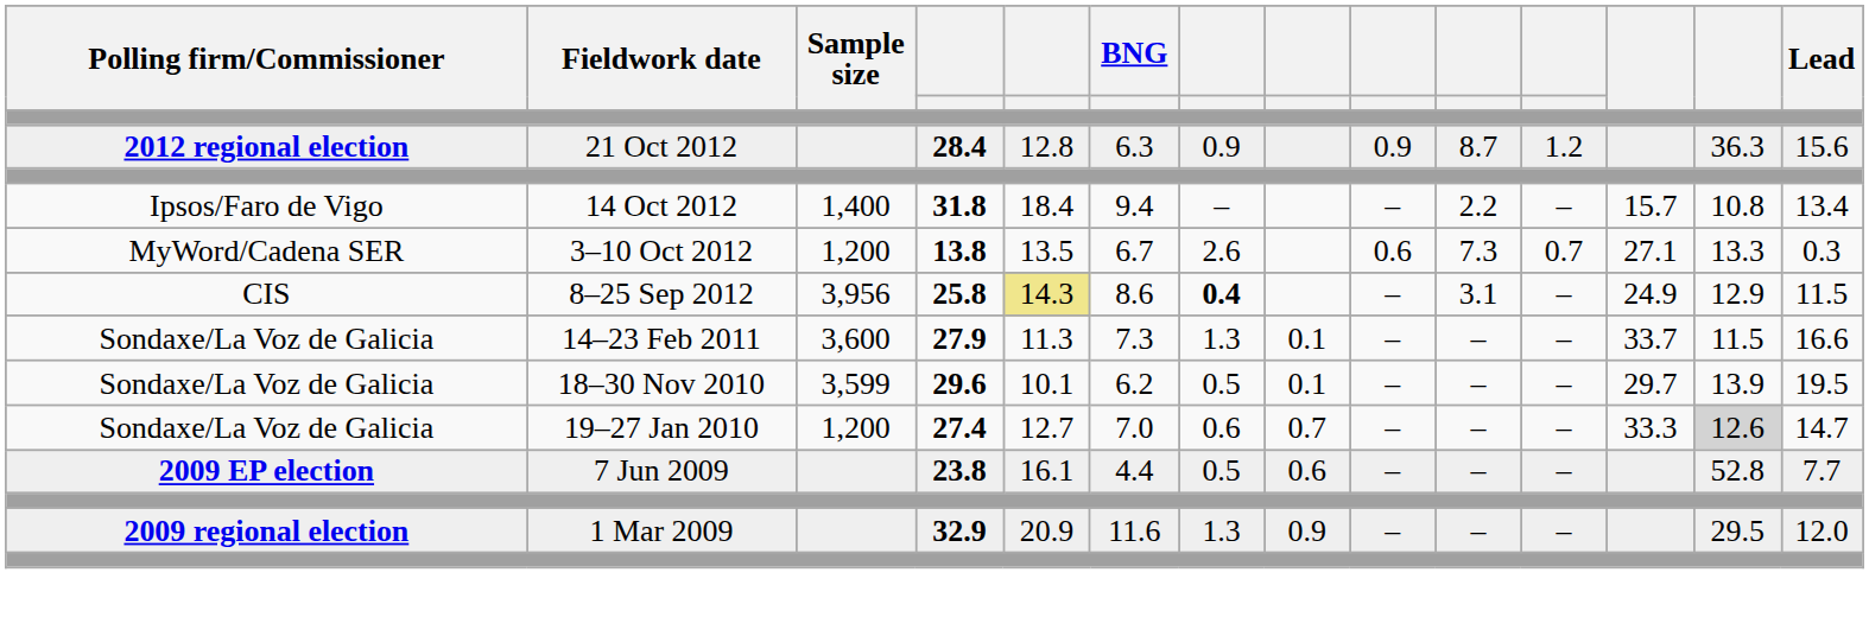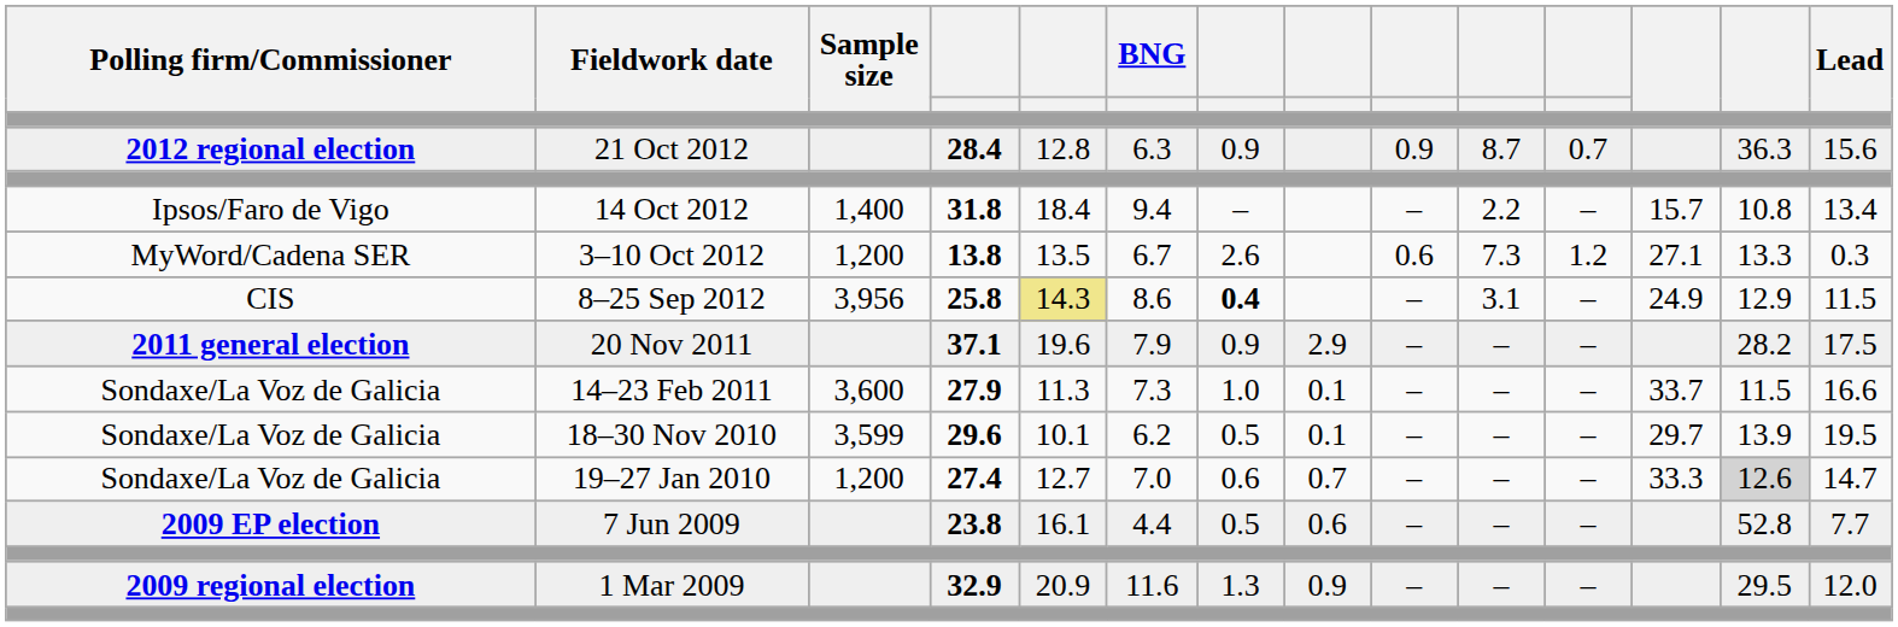 <table class="wikitable collapsible collapsed" style="text-align:center; font-size:90%; line-height:14px;">
 <tr style="height:42px;">
 <th style="width:250px;" rowspan="2">Polling firm/Commissioner</th>
 <th style="width:125px;" rowspan="2">Fieldwork date</th>
 <th style="width:50px;" rowspan="2">Sample size</th>
 <th style="width:35px;"></th>
 <th style="width:35px;"></th>
 <th style="width:35px;"><a href='#'>BNG</a></th>
 <th style="width:35px;"></th>
 <th style="width:35px;"></th>
 <th style="width:35px;"></th>
 <th style="width:35px;"></th>
 <th style="width:35px;"></th>
 <th style="width:35px;" rowspan="2"></th>
 <th style="width:35px;" rowspan="2"></th>
 <th style="width:30px;" rowspan="2">Lead</th>
 </tr>
 <tr>
 <th style="color:inherit;background:"></th>
 <th style="color:inherit;background:"></th>
 <th style="color:inherit;background:"></th>
 <th style="color:inherit;background:"></th>
 <th style="color:inherit;background:"></th>
 <th style="color:inherit;background:"></th>
 <th style="color:inherit;background:"></th>
 <th style="color:inherit;background:"></th>
 </tr>
 <tr>
 <td colspan="14" style="background:#A0A0A0"></td>
 </tr>
 <tr style="background:#EFEFEF;">
 <td><strong><a href='#'>2012 regional election</a></strong></td>
 <td>21 Oct 2012</td>
 <td></td>
 <td><strong>28.4</strong></td>
 <td>12.8</td>
 <td>6.3</td>
 <td>0.9</td>
 <td></td>
 <td>0.9</td>
 <td>8.7</td>
-<td>1.2</td>
+<td>0.7</td>
 <td></td>
 <td>36.3</td>
 <td style="background:">15.6</td>
 </tr>
 <tr>
 <td colspan="14" style="background:#A0A0A0"></td>
 </tr>
 <tr>
 <td>Ipsos/Faro de Vigo</td>
 <td>14 Oct 2012</td>
 <td>1,400</td>
 <td><strong>31.8</strong></td>
 <td>18.4</td>
 <td>9.4</td>
 <td>–</td>
 <td></td>
 <td>–</td>
 <td>2.2</td>
 <td>–</td>
 <td>15.7</td>
 <td>10.8</td>
 <td style="background:">13.4</td>
 </tr>
 <tr>
 <td>MyWord/Cadena SER</td>
 <td>3–10 Oct 2012</td>
 <td>1,200</td>
 <td><strong>13.8</strong></td>
 <td>13.5</td>
 <td>6.7</td>
 <td>2.6</td>
 <td></td>
 <td>0.6</td>
 <td>7.3</td>
-<td>0.7</td>
+<td>1.2</td>
 <td>27.1</td>
 <td>13.3</td>
 <td style="background:">0.3</td>
 </tr>
 <tr>
 <td>CIS</td>
 <td>8–25 Sep 2012</td>
 <td>3,956</td>
 <td><strong>25.8</strong></td>
 <td style="background: khaki;">14.3</td>
 <td>8.6</td>
 <td><strong>0.4</strong></td>
 <td></td>
 <td>–</td>
 <td>3.1</td>
 <td>–</td>
 <td>24.9</td>
 <td>12.9</td>
 <td style="background:">11.5</td>
 </tr>
+<tr style="background:#EFEFEF;">
+<td><strong><a href='#'>2011 general election</a></strong></td>
+<td>20 Nov 2011</td>
+<td></td>
+<td><strong>37.1</strong></td>
+<td>19.6</td>
+<td>7.9</td>
+<td>0.9</td>
+<td>2.9</td>
+<td>–</td>
+<td>–</td>
+<td>–</td>
+<td></td>
+<td>28.2</td>
+<td style="background:">17.5</td>
+</tr>
 <tr>
 <td>Sondaxe/La Voz de Galicia</td>
 <td>14–23 Feb 2011</td>
 <td>3,600</td>
 <td><strong>27.9</strong></td>
 <td>11.3</td>
 <td>7.3</td>
-<td>1.3</td>
+<td>1.0</td>
 <td>0.1</td>
 <td>–</td>
 <td>–</td>
 <td>–</td>
 <td>33.7</td>
 <td>11.5</td>
 <td style="background:">16.6</td>
 </tr>
 <tr>
 <td>Sondaxe/La Voz de Galicia</td>
 <td>18–30 Nov 2010</td>
 <td>3,599</td>
 <td><strong>29.6</strong></td>
 <td>10.1</td>
 <td>6.2</td>
 <td>0.5</td>
 <td>0.1</td>
 <td>–</td>
 <td>–</td>
 <td>–</td>
 <td>29.7</td>
 <td>13.9</td>
 <td style="background:">19.5</td>
 </tr>
 <tr>
 <td>Sondaxe/La Voz de Galicia</td>
 <td>19–27 Jan 2010</td>
 <td>1,200</td>
 <td><strong>27.4</strong></td>
 <td>12.7</td>
 <td>7.0</td>
 <td>0.6</td>
 <td>0.7</td>
 <td>–</td>
 <td>–</td>
 <td>–</td>
 <td>33.3</td>
 <td style="background: lightgrey;">12.6</td>
 <td style="background:">14.7</td>
 </tr>
 <tr style="background:#EFEFEF;">
 <td><strong><a href='#'>2009 EP election</a></strong></td>
 <td>7 Jun 2009</td>
 <td></td>
 <td><strong>23.8</strong></td>
 <td>16.1</td>
 <td>4.4</td>
 <td>0.5</td>
 <td>0.6</td>
 <td>–</td>
 <td>–</td>
 <td>–</td>
 <td></td>
 <td>52.8</td>
 <td style="background:">7.7</td>
 </tr>
 <tr>
 <td colspan="14" style="background:#A0A0A0"></td>
 </tr>
 <tr style="background:#EFEFEF;">
 <td><strong><a href='#'>2009 regional election</a></strong></td>
 <td>1 Mar 2009</td>
 <td></td>
 <td><strong>32.9</strong></td>
 <td>20.9</td>
 <td>11.6</td>
 <td>1.3</td>
 <td>0.9</td>
 <td>–</td>
 <td>–</td>
 <td>–</td>
 <td></td>
 <td>29.5</td>
 <td style="background:">12.0</td>
 </tr>
 <tr>
 <td colspan="14" style="background:#A0A0A0"></td>
 </tr>
 </table>
